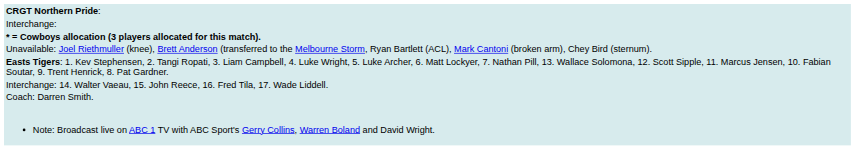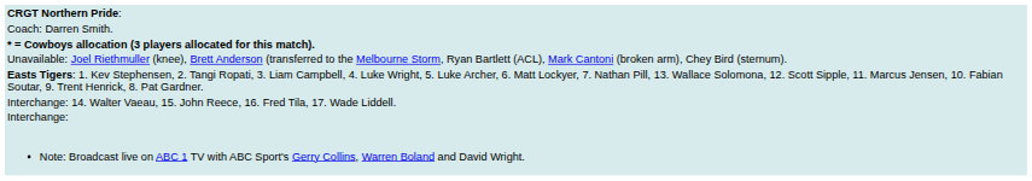 <table style="background:#d7ebed; font-size:85%; width:100%;">
 <tr>
 <td><strong>CRGT Northern Pride</strong>:             </td>
 </tr>
 <tr>
-<td>Interchange:    </td>
+<td>Coach: Darren Smith.</td>
 </tr>
 <tr>
 <td><strong>* = Cowboys allocation (3 players allocated for this match).</strong></td>
 </tr>
 <tr>
 <td>Unavailable: <a href='#'>Joel Riethmuller</a> (knee), <a href='#'>Brett Anderson</a> (transferred to the <a href='#'>Melbourne Storm</a>, Ryan Bartlett (ACL), <a href='#'>Mark Cantoni</a> (broken arm), Chey Bird (sternum).</td>
 </tr>
 <tr>
 <td><strong>Easts Tigers</strong>: 1. Kev Stephensen, 2. Tangi Ropati, 3. Liam Campbell, 4. Luke Wright, 5. Luke Archer, 6. Matt Lockyer, 7. Nathan Pill, 13. Wallace Solomona, 12. Scott Sipple, 11. Marcus Jensen, 10. Fabian Soutar, 9. Trent Henrick, 8. Pat Gardner.</td>
 </tr>
 <tr>
 <td>Interchange: 14. Walter Vaeau, 15. John Reece, 16. Fred Tila, 17. Wade Liddell.</td>
 </tr>
 <tr>
-<td>Coach: Darren Smith.</td>
+<td>Interchange:    </td>
 </tr>
 <tr>
 <td><br><ul><li>Note: Broadcast live on <a href='#'>ABC 1</a> TV with ABC Sport's <a href='#'>Gerry Collins</a>, <a href='#'>Warren Boland</a> and David Wright.</li></ul></td>
 </tr>
 </table>
